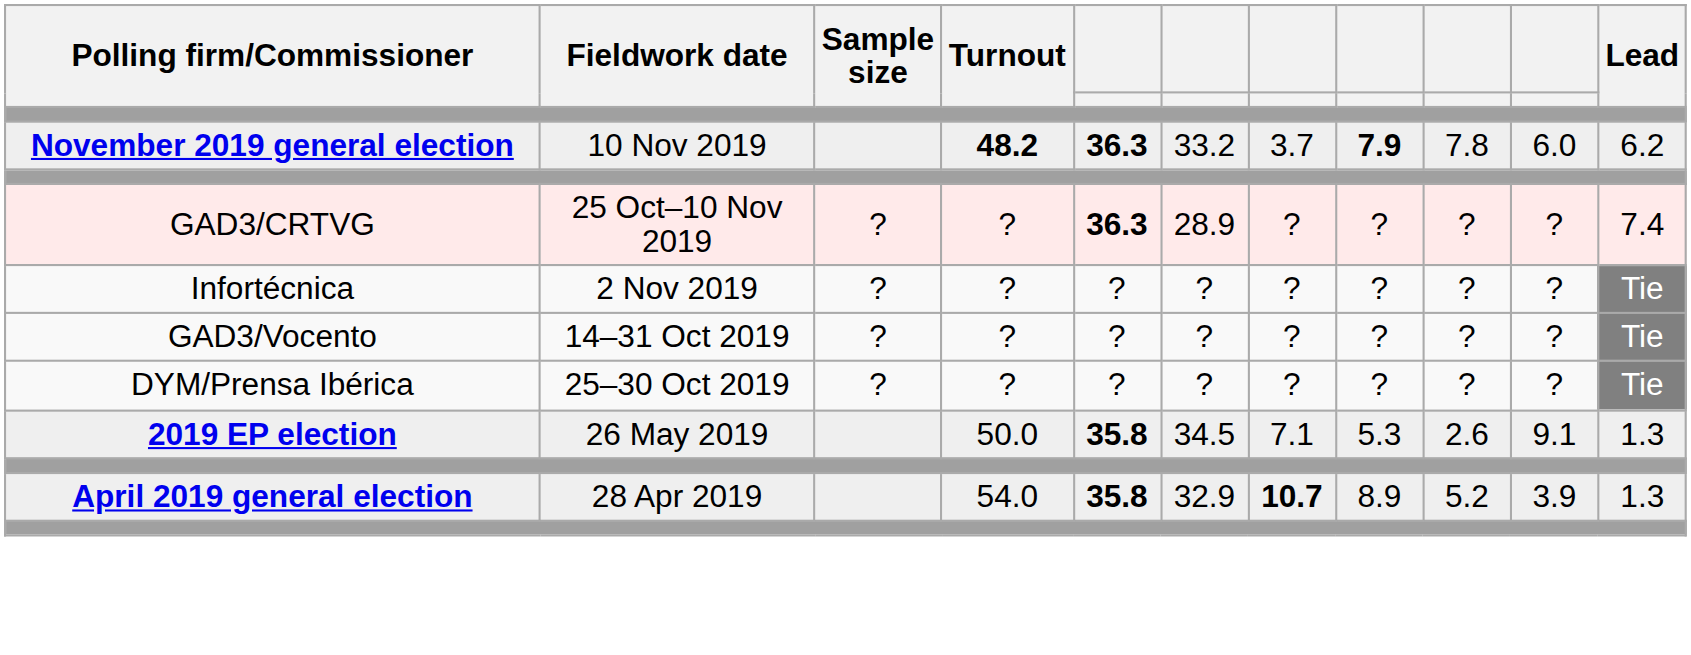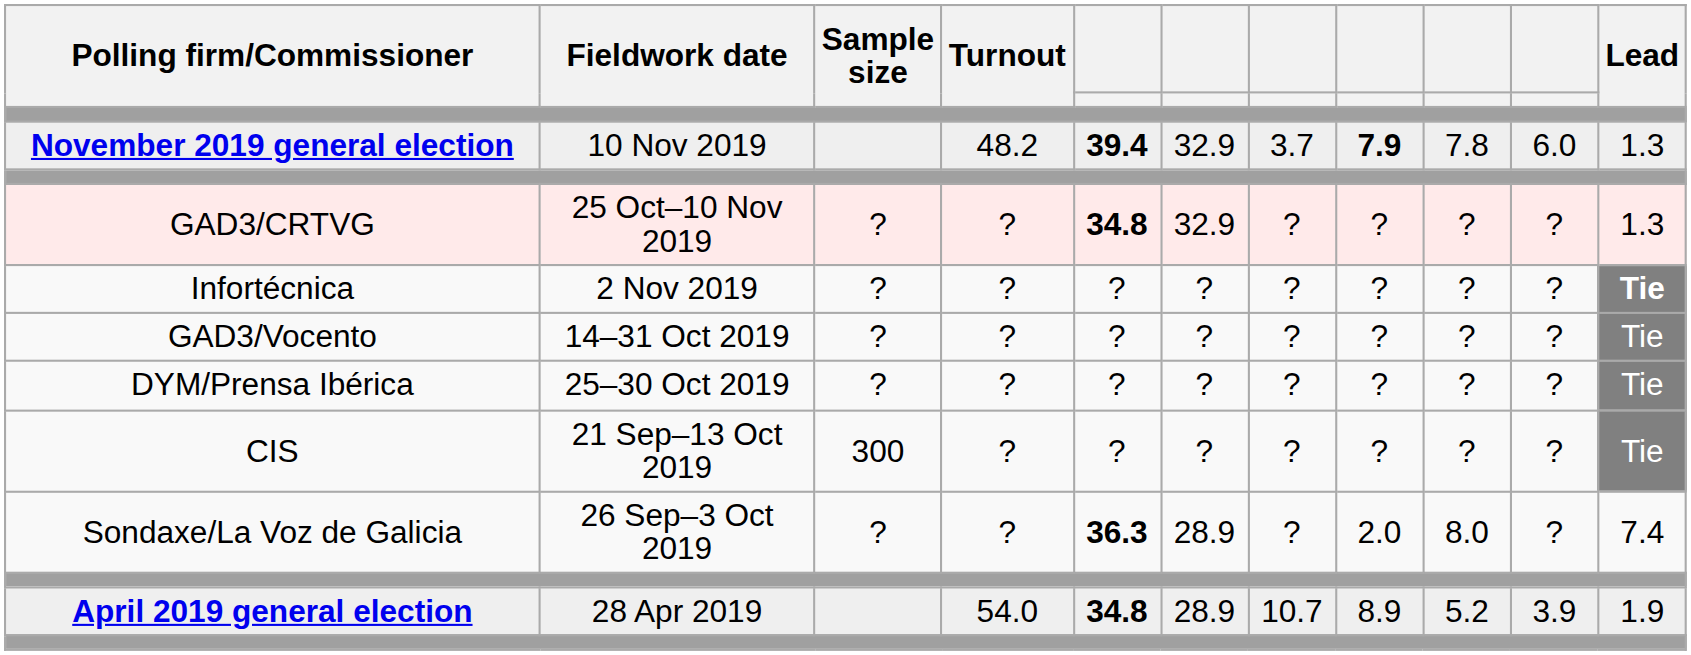 <table class="wikitable collapsible collapsed" style="text-align:center; font-size:95%; line-height:16px;">
 <tr style="height:42px;">
 <th style="width:250px;" rowspan="2">Polling firm/Commissioner</th>
 <th style="width:125px;" rowspan="2">Fieldwork date</th>
 <th style="width:50px;" rowspan="2">Sample size</th>
 <th style="width:45px;" rowspan="2">Turnout</th>
 <th style="width:35px;"></th>
 <th style="width:35px;"></th>
 <th style="width:35px;"></th>
 <th style="width:35px;"></th>
 <th style="width:35px;"></th>
 <th style="width:35px;"></th>
 <th style="width:30px;" rowspan="2">Lead</th>
 </tr>
 <tr>
 <th style="color:inherit;background:"></th>
 <th style="color:inherit;background:"></th>
 <th style="color:inherit;background:"></th>
 <th style="color:inherit;background:"></th>
 <th style="color:inherit;background:"></th>
 <th style="color:inherit;background:"></th>
 </tr>
 <tr>
 <td colspan="11" style="background:#A0A0A0"></td>
 </tr>
 <tr style="background:#EFEFEF;">
 <td><strong><a href='#'>November 2019 general election</a></strong></td>
 <td>10 Nov 2019</td>
 <td></td>
-<td><strong>48.2</strong></td>
-<td><strong>36.3</strong><br></td>
-<td>33.2<br></td>
+<td>48.2</td>
+<td><strong>39.4</strong><br></td>
+<td>32.9<br></td>
 <td>3.7<br></td>
 <td><strong>7.9<br></strong></td>
 <td>7.8<br></td>
 <td>6.0<br></td>
-<td style="background:">6.2</td>
+<td style="background:">1.3</td>
 </tr>
 <tr>
 <td colspan="11" style="background:#A0A0A0"></td>
 </tr>
 <tr style="background:#FFEAEA;">
 <td>GAD3/CRTVG</td>
 <td>25 Oct–10 Nov 2019</td>
 <td>?</td>
 <td>?</td>
-<td><strong>36.3</strong><br></td>
-<td>28.9<br></td>
+<td><strong>34.8</strong><br></td>
+<td>32.9<br></td>
 <td>?<br></td>
 <td>?<br></td>
 <td>?<br></td>
 <td>?<br></td>
-<td style="background:">7.4</td>
+<td style="background:">1.3</td>
 </tr>
 <tr>
 <td>Infortécnica</td>
 <td>2 Nov 2019</td>
 <td>?</td>
 <td>?</td>
 <td>?<br></td>
 <td>?<br></td>
 <td>?<br></td>
 <td>?<br></td>
 <td>?<br></td>
 <td>?<br></td>
-<td style="background:gray;color:white;">Tie</td>
+<td style="background:gray;color:white;"><strong>Tie</strong></td>
 </tr>
 <tr>
 <td>GAD3/Vocento</td>
 <td>14–31 Oct 2019</td>
 <td>?</td>
 <td>?</td>
 <td>?<br></td>
 <td>?<br></td>
 <td>?<br></td>
 <td>?<br></td>
 <td>?<br></td>
 <td>?<br></td>
 <td style="background:gray;color:white;">Tie</td>
 </tr>
 <tr>
 <td>DYM/Prensa Ibérica</td>
 <td>25–30 Oct 2019</td>
 <td>?</td>
 <td>?</td>
 <td>?<br></td>
 <td>?<br></td>
 <td>?<br></td>
 <td>?<br></td>
 <td>?<br></td>
 <td>?<br></td>
 <td style="background:gray;color:white;">Tie</td>
 </tr>
-<tr style="background:#EFEFEF;">
-<td><strong><a href='#'>2019 EP election</a></strong></td>
-<td>26 May 2019</td>
-<td></td>
-<td>50.0</td>
-<td><strong>35.8</strong><br></td>
-<td>34.5<br></td>
-<td>7.1<br></td>
-<td>5.3<br></td>
-<td>2.6<br></td>
-<td>9.1<br></td>
-<td style="background:">1.3</td>
+<tr>
+<td>CIS</td>
+<td>21 Sep–13 Oct 2019</td>
+<td>300</td>
+<td>?</td>
+<td>?<br></td>
+<td>?<br></td>
+<td>?<br></td>
+<td>?<br></td>
+<td>?<br></td>
+<td>?<br></td>
+<td style="background:gray;color:white;">Tie</td>
+</tr>
+<tr>
+<td>Sondaxe/La Voz de Galicia</td>
+<td>26 Sep–3 Oct 2019</td>
+<td>?</td>
+<td>?</td>
+<td><strong>36.3</strong><br></td>
+<td>28.9<br></td>
+<td>?<br></td>
+<td>2.0<br></td>
+<td>8.0<br></td>
+<td>?<br></td>
+<td style="background:">7.4</td>
 </tr>
 <tr>
 <td colspan="11" style="background:#A0A0A0"></td>
 </tr>
 <tr style="background:#EFEFEF;">
 <td><strong><a href='#'>April 2019 general election</a></strong></td>
 <td>28 Apr 2019</td>
 <td></td>
 <td>54.0</td>
-<td><strong>35.8</strong><br></td>
-<td>32.9<br></td>
-<td><strong>10.7<br></strong></td>
+<td><strong>34.8</strong><br></td>
+<td>28.9<br></td>
+<td>10.7<br></td>
 <td>8.9<br></td>
 <td>5.2<br></td>
 <td>3.9<br></td>
-<td style="background:">1.3</td>
+<td style="background:">1.9</td>
 </tr>
 <tr>
 <td colspan="11" style="background:#A0A0A0"></td>
 </tr>
 </table>
